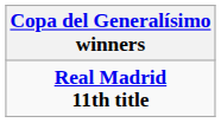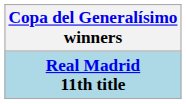 <table class="wikitable" style="text-align: center; margin: 0 auto;">
 <tr>
 <th><a href='#'>Copa del Generalísimo</a><br>winners</th>
 </tr>
 <tr>
-<td><strong><a href='#'>Real Madrid</a></strong><br><strong>11th title</strong></td>
+<td style="background: lightblue;"><strong><a href='#'>Real Madrid</a></strong><br><strong>11th title</strong></td>
 </tr>
 </table>
